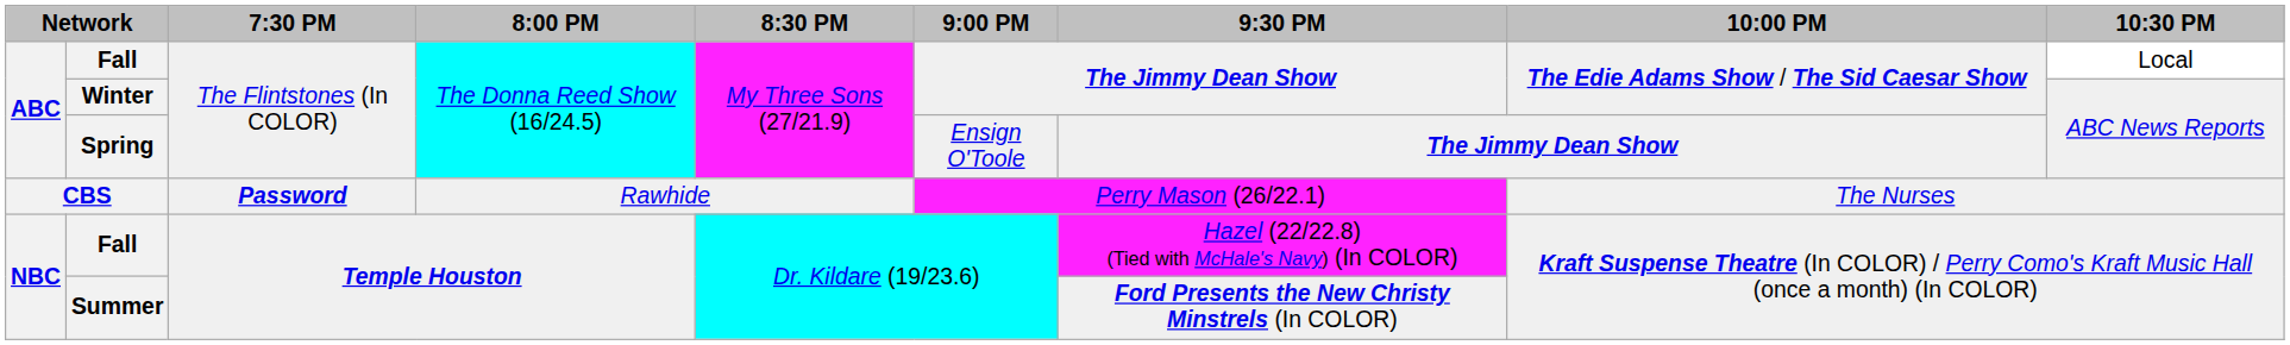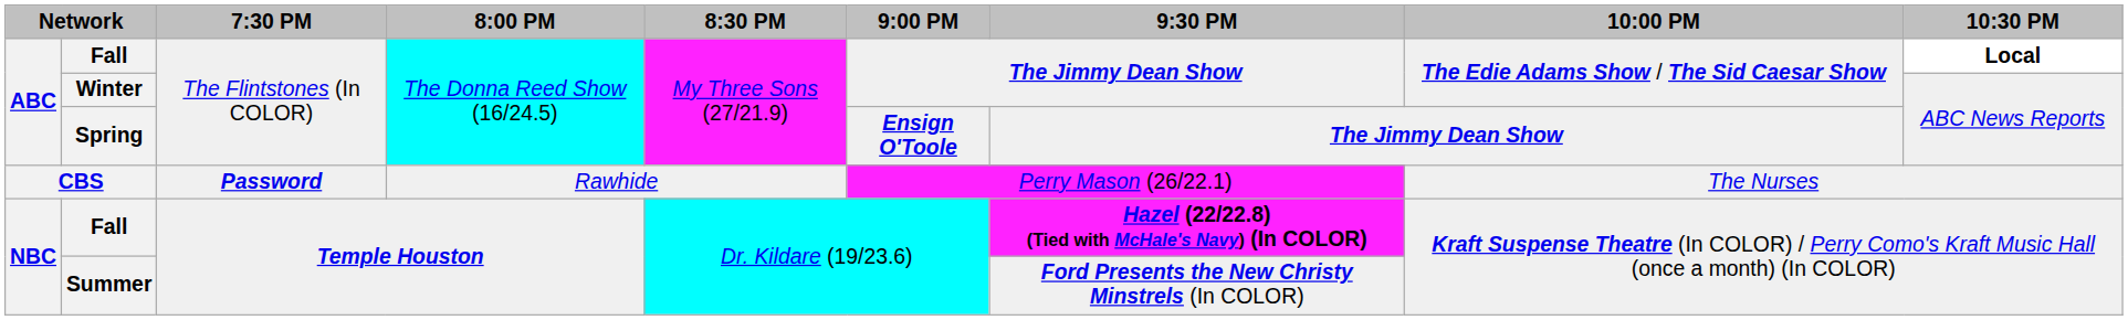 <table class="wikitable" style="width:100%;margin-right:0;text-align:center">
 <tr>
 <th colspan="2" style="background-color:#C0C0C0;text-align:center">Network</th>
 <th style="background-color:#C0C0C0;text-align:center">7:30 PM</th>
 <th style="background-color:#C0C0C0;text-align:center">8:00 PM</th>
 <th style="background-color:#C0C0C0;text-align:center">8:30 PM</th>
 <th style="background-color:#C0C0C0;text-align:center">9:00 PM</th>
 <th style="background-color:#C0C0C0;text-align:center">9:30 PM</th>
 <th style="background-color:#C0C0C0;text-align:center">10:00 PM</th>
 <th style="background-color:#C0C0C0;text-align:center">10:30 PM</th>
 </tr>
 <tr>
 <th bgcolor="#C0C0C0" rowspan="3"><a href='#'>ABC</a></th>
 <th>Fall</th>
 <td bgcolor="#F0F0F0" rowspan="3"><em><a href='#'>The Flintstones</a></em> (In <span>C</span><span>O</span><span>L</span><span>O</span><span>R</span>)</td>
 <td bgcolor="#00FFFF" rowspan="3"><em><a href='#'>The Donna Reed Show</a></em> (16/24.5)</td>
 <td bgcolor="#FF22FF" rowspan="3"><em><a href='#'>My Three Sons</a></em> (27/21.9)</td>
 <td bgcolor="#F0F0F0" colspan="2" rowspan="2"><strong><em><a href='#'>The Jimmy Dean Show</a></em></strong></td>
 <td bgcolor="#F0F0F0" rowspan="2"><strong><em><a href='#'>The Edie Adams Show</a></em></strong> / <strong><em><a href='#'>The Sid Caesar Show</a></em></strong></td>
-<td bgcolor="white">Local</td>
+<td bgcolor="white"><strong>Local</strong></td>
 </tr>
 <tr>
 <th>Winter</th>
 <td bgcolor="#F0F0F0" rowspan="2"><em><a href='#'>ABC News Reports</a></em></td>
 </tr>
 <tr>
 <th>Spring</th>
-<td bgcolor="#F0F0F0"><em><a href='#'>Ensign O'Toole</a></em></td>
+<td bgcolor="#F0F0F0"><strong><em><a href='#'>Ensign O'Toole</a></em></strong></td>
 <td bgcolor="#F0F0F0" colspan="2"><strong><em><a href='#'>The Jimmy Dean Show</a></em></strong></td>
 </tr>
 <tr>
 <th bgcolor="#C0C0C0" colspan="2"><a href='#'>CBS</a></th>
 <td bgcolor="#F0F0F0"><strong><em><a href='#'>Password</a></em></strong></td>
 <td bgcolor="#F0F0F0" colspan="2"><em><a href='#'>Rawhide</a></em></td>
 <td bgcolor="#FF22FF" colspan="2"><em><a href='#'>Perry Mason</a></em> (26/22.1)</td>
 <td bgcolor="#F0F0F0" colspan="2"><em><a href='#'>The Nurses</a></em></td>
 </tr>
 <tr>
 <th bgcolor="#C0C0C0" rowspan="2"><a href='#'>NBC</a></th>
 <th>Fall</th>
 <td bgcolor="#F0F0F0" colspan="2" rowspan="2"><strong><em><a href='#'>Temple Houston</a></em></strong></td>
 <td bgcolor="#00FFFF" colspan="2" rowspan="2"><em><a href='#'>Dr. Kildare</a></em> (19/23.6)</td>
-<td bgcolor="#FF22FF"><em><a href='#'>Hazel</a></em> (22/22.8)<br><small>(Tied with <em><a href='#'>McHale's Navy</a></em>)</small> (In <span>C</span><span>O</span><span>L</span><span>O</span><span>R</span>)</td>
+<td bgcolor="#FF22FF"><strong><em><a href='#'>Hazel</a></em> (22/22.8)<br><small>(Tied with <em><a href='#'>McHale's Navy</a></em>)</small> (In <span>C</span><span>O</span><span>L</span><span>O</span><span>R</span>)</strong></td>
 <td bgcolor="#F0F0F0" colspan="2" rowspan="2"><strong><em><a href='#'>Kraft Suspense Theatre</a></em></strong> (In <span>C</span><span>O</span><span>L</span><span>O</span><span>R</span>) / <em><a href='#'>Perry Como's Kraft Music Hall</a></em> (once a month) (In <span>C</span><span>O</span><span>L</span><span>O</span><span>R</span>)</td>
 </tr>
 <tr>
 <th>Summer</th>
 <td bgcolor="#F0F0F0"><strong><em><a href='#'>Ford Presents the New Christy Minstrels</a></em></strong> (In <span>C</span><span>O</span><span>L</span><span>O</span><span>R</span>)</td>
 </tr>
 </table>
